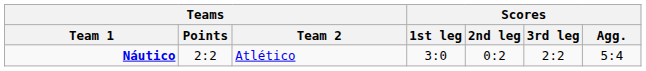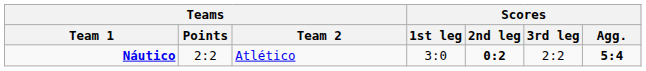 <table class="wikitable" style="text-align:center;">
 <tr>
 <th colspan=3>Teams</th>
 <th colspan=4>Scores</th>
 </tr>
 <tr>
 <th width="175">Team 1</th>
 <th width="50">Points</th>
 <th width="175">Team 2</th>
 <th width="55">1st leg</th>
 <th width="55">2nd leg</th>
 <th width="55">3rd leg</th>
 <th width="55">Agg.</th>
 </tr>
 <tr>
 <td align=right><strong><a href='#'>Náutico</a></strong> </td>
 <td>2:2</td>
 <td align=left> <a href='#'>Atlético</a></td>
 <td>3:0</td>
-<td>0:2</td>
+<td><strong>0:2</strong></td>
 <td>2:2</td>
-<td>5:4</td>
+<td><strong>5:4</strong></td>
 </tr>
 </table>
